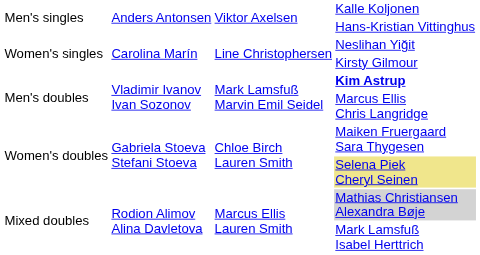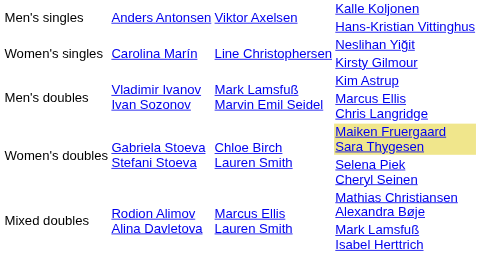 <table>
 <tr>
 <td rowspan="2">Men's singles</td>
 <td rowspan="2"> <a href='#'>Anders Antonsen</a></td>
 <td rowspan="2"> <a href='#'>Viktor Axelsen</a></td>
 <td> <a href='#'>Kalle Koljonen</a></td>
 </tr>
 <tr>
 <td> <a href='#'>Hans-Kristian Vittinghus</a></td>
 </tr>
 <tr>
 <td rowspan="2">Women's singles</td>
 <td rowspan="2"> <a href='#'>Carolina Marín</a></td>
 <td rowspan="2"> <a href='#'>Line Christophersen</a></td>
 <td> <a href='#'>Neslihan Yiğit</a></td>
 </tr>
 <tr>
 <td> <a href='#'>Kirsty Gilmour</a></td>
 </tr>
 <tr>
 <td rowspan="2">Men's doubles</td>
 <td rowspan="2"> <a href='#'>Vladimir Ivanov</a><br> <a href='#'>Ivan Sozonov</a></td>
 <td rowspan="2"> <a href='#'>Mark Lamsfuß</a><br> <a href='#'>Marvin Emil Seidel</a></td>
-<td><strong> <a href='#'>Kim Astrup</a><br></strong></td>
+<td> <a href='#'>Kim Astrup</a><br></td>
 </tr>
 <tr>
 <td> <a href='#'>Marcus Ellis</a><br> <a href='#'>Chris Langridge</a></td>
 </tr>
 <tr>
 <td rowspan="2">Women's doubles</td>
 <td rowspan="2"> <a href='#'>Gabriela Stoeva</a> <br> <a href='#'>Stefani Stoeva</a></td>
 <td rowspan="2"> <a href='#'>Chloe Birch</a> <br> <a href='#'>Lauren Smith</a></td>
-<td> <a href='#'>Maiken Fruergaard</a><br> <a href='#'>Sara Thygesen</a></td>
+<td style="background: khaki;"> <a href='#'>Maiken Fruergaard</a><br> <a href='#'>Sara Thygesen</a></td>
 </tr>
 <tr>
-<td style="background: khaki;"> <a href='#'>Selena Piek</a><br> <a href='#'>Cheryl Seinen</a></td>
+<td> <a href='#'>Selena Piek</a><br> <a href='#'>Cheryl Seinen</a></td>
 </tr>
 <tr>
 <td rowspan="2">Mixed doubles</td>
 <td rowspan="2"> <a href='#'>Rodion Alimov</a> <br> <a href='#'>Alina Davletova</a></td>
 <td rowspan="2"> <a href='#'>Marcus Ellis</a> <br> <a href='#'>Lauren Smith</a></td>
-<td style="background: lightgrey;"> <a href='#'>Mathias Christiansen</a><br> <a href='#'>Alexandra Bøje</a></td>
+<td> <a href='#'>Mathias Christiansen</a><br> <a href='#'>Alexandra Bøje</a></td>
 </tr>
 <tr>
 <td> <a href='#'>Mark Lamsfuß</a><br> <a href='#'>Isabel Herttrich</a></td>
 </tr>
 </table>
